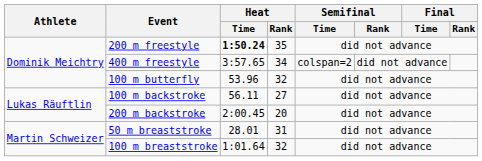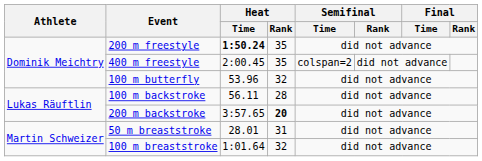 <table class=wikitable style="font-size:90%">
 <tr>
 <th rowspan="2">Athlete</th>
 <th rowspan="2">Event</th>
 <th colspan="2">Heat</th>
 <th colspan="2">Semifinal</th>
 <th colspan="2">Final</th>
 </tr>
 <tr style="font-size:95%">
 <th>Time</th>
 <th>Rank</th>
 <th>Time</th>
 <th>Rank</th>
 <th>Time</th>
 <th>Rank</th>
 </tr>
 <tr align=center>
 <td align=left rowspan=3><a href='#'>Dominik Meichtry</a></td>
 <td align=left><a href='#'>200 m freestyle</a></td>
 <td><strong>1:50.24</strong></td>
 <td>35</td>
 <td colspan=4>did not advance</td>
 </tr>
 <tr align=center>
 <td align=left><a href='#'>400 m freestyle</a></td>
-<td>3:57.65</td>
-<td>34</td>
+<td>2:00.45</td>
+<td>35</td>
 <td>colspan=2 </td>
 <td colspan=2>did not advance</td>
 </tr>
 <tr align=center>
 <td align=left><a href='#'>100 m butterfly</a></td>
 <td>53.96</td>
 <td>32</td>
 <td colspan=4>did not advance</td>
 </tr>
 <tr align=center>
 <td align=left rowspan=2><a href='#'>Lukas Räuftlin</a></td>
 <td align=left><a href='#'>100 m backstroke</a></td>
 <td>56.11</td>
-<td>27</td>
+<td>28</td>
 <td colspan=4>did not advance</td>
 </tr>
 <tr align=center>
 <td align=left><a href='#'>200 m backstroke</a></td>
-<td>2:00.45</td>
-<td>20</td>
+<td>3:57.65</td>
+<td><strong>20</strong></td>
 <td colspan=4>did not advance</td>
 </tr>
 <tr align=center>
 <td align=left rowspan=2><a href='#'>Martin Schweizer</a></td>
 <td align=left><a href='#'>50 m breaststroke</a></td>
 <td>28.01</td>
 <td>31</td>
 <td colspan=4>did not advance</td>
 </tr>
 <tr align=center>
 <td align=left><a href='#'>100 m breaststroke</a></td>
 <td>1:01.64</td>
 <td>32</td>
 <td colspan=4>did not advance</td>
 </tr>
 </table>
